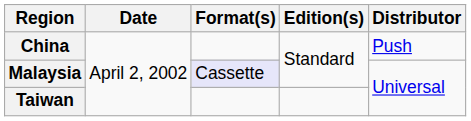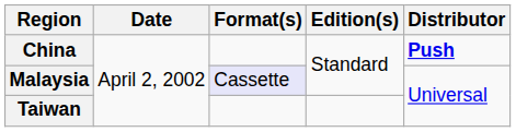 <table class="wikitable plainrowheaders">
 <tr>
 <th>Region</th>
 <th>Date</th>
 <th>Format(s)</th>
 <th>Edition(s)</th>
 <th>Distributor</th>
 </tr>
 <tr>
 <th scope="row">China</th>
 <td rowspan="3">April 2, 2002</td>
 <td></td>
 <td rowspan="2">Standard</td>
-<td><a href='#'>Push</a></td>
+<td><strong><a href='#'>Push</a></strong></td>
 </tr>
 <tr>
 <th scope="row">Malaysia</th>
 <td style="background: lavender;">Cassette</td>
 <td rowspan="2"><a href='#'>Universal</a></td>
 </tr>
 <tr>
 <th scope="row">Taiwan</th>
 <td></td>
 <td></td>
 </tr>
 </table>
